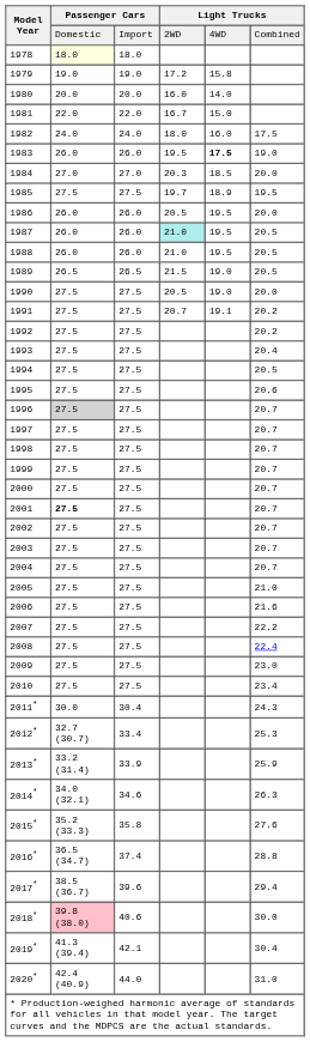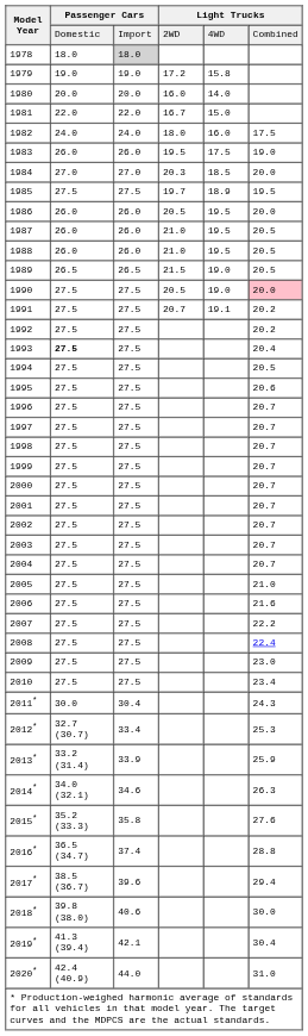 <table border="1" cellspacing="0" cellpadding="5">
 <tr>
 <td style="width:50px; text-align:center; background:#f0f0f0;" rowspan="2"><strong>Model Year</strong></td>
 <td style="width:125px; text-align:center; background:#f0f0f0;" colspan="2"><strong>Passenger Cars</strong></td>
 <td style="width:150px; text-align:center; background:#f0f0f0;" colspan="3"><strong>Light Trucks</strong></td>
 </tr>
 <tr style="background:#f0f0f0;">
 <td style="width:75px; ">Domestic</td>
 <td style="width:50px; ">Import</td>
 <td style="width:50px; ">2WD</td>
 <td style="width:50px; ">4WD</td>
 <td style="width:50px; ">Combined</td>
 </tr>
 <tr>
 <td>1978</td>
-<td style="background: lightyellow;">18.0</td>
 <td>18.0</td>
+<td style="background: lightgrey;">18.0</td>
 <td></td>
 <td></td>
 <td></td>
 </tr>
 <tr>
 <td>1979</td>
 <td>19.0</td>
 <td>19.0</td>
 <td>17.2</td>
 <td>15.8</td>
 <td></td>
 </tr>
 <tr>
 <td>1980</td>
 <td>20.0</td>
 <td>20.0</td>
 <td>16.0</td>
 <td>14.0</td>
 <td></td>
 </tr>
 <tr>
 <td>1981</td>
 <td>22.0</td>
 <td>22.0</td>
 <td>16.7</td>
 <td>15.0</td>
 <td></td>
 </tr>
 <tr>
 <td>1982</td>
 <td>24.0</td>
 <td>24.0</td>
 <td>18.0</td>
 <td>16.0</td>
 <td>17.5</td>
 </tr>
 <tr>
 <td>1983</td>
 <td>26.0</td>
 <td>26.0</td>
 <td>19.5</td>
-<td><strong>17.5</strong></td>
+<td>17.5</td>
 <td>19.0</td>
 </tr>
 <tr>
 <td>1984</td>
 <td>27.0</td>
 <td>27.0</td>
 <td>20.3</td>
 <td>18.5</td>
 <td>20.0</td>
 </tr>
 <tr>
 <td>1985</td>
 <td>27.5</td>
 <td>27.5</td>
 <td>19.7</td>
 <td>18.9</td>
 <td>19.5</td>
 </tr>
 <tr>
 <td>1986</td>
 <td>26.0</td>
 <td>26.0</td>
 <td>20.5</td>
 <td>19.5</td>
 <td>20.0</td>
 </tr>
 <tr>
 <td>1987</td>
 <td>26.0</td>
 <td>26.0</td>
-<td style="background: paleturquoise;">21.0</td>
+<td>21.0</td>
 <td>19.5</td>
 <td>20.5</td>
 </tr>
 <tr>
 <td>1988</td>
 <td>26.0</td>
 <td>26.0</td>
 <td>21.0</td>
 <td>19.5</td>
 <td>20.5</td>
 </tr>
 <tr>
 <td>1989</td>
 <td>26.5</td>
 <td>26.5</td>
 <td>21.5</td>
 <td>19.0</td>
 <td>20.5</td>
 </tr>
 <tr>
 <td>1990</td>
 <td>27.5</td>
 <td>27.5</td>
 <td>20.5</td>
 <td>19.0</td>
-<td>20.0</td>
+<td style="background: pink;">20.0</td>
 </tr>
 <tr>
 <td>1991</td>
 <td>27.5</td>
 <td>27.5</td>
 <td>20.7</td>
 <td>19.1</td>
 <td>20.2</td>
 </tr>
 <tr>
 <td>1992</td>
 <td>27.5</td>
 <td>27.5</td>
 <td></td>
 <td></td>
 <td>20.2</td>
 </tr>
 <tr>
 <td>1993</td>
-<td>27.5</td>
+<td><strong>27.5</strong></td>
 <td>27.5</td>
 <td></td>
 <td></td>
 <td>20.4</td>
 </tr>
 <tr>
 <td>1994</td>
 <td>27.5</td>
 <td>27.5</td>
 <td></td>
 <td></td>
 <td>20.5</td>
 </tr>
 <tr>
 <td>1995</td>
 <td>27.5</td>
 <td>27.5</td>
 <td></td>
 <td></td>
 <td>20.6</td>
 </tr>
 <tr>
 <td>1996</td>
-<td style="background: lightgrey;">27.5</td>
+<td>27.5</td>
 <td>27.5</td>
 <td></td>
 <td></td>
 <td>20.7</td>
 </tr>
 <tr>
 <td>1997</td>
 <td>27.5</td>
 <td>27.5</td>
 <td></td>
 <td></td>
 <td>20.7</td>
 </tr>
 <tr>
 <td>1998</td>
 <td>27.5</td>
 <td>27.5</td>
 <td></td>
 <td></td>
 <td>20.7</td>
 </tr>
 <tr>
 <td>1999</td>
 <td>27.5</td>
 <td>27.5</td>
 <td></td>
 <td></td>
 <td>20.7</td>
 </tr>
 <tr>
 <td>2000</td>
 <td>27.5</td>
 <td>27.5</td>
 <td></td>
 <td></td>
 <td>20.7</td>
 </tr>
 <tr>
 <td>2001</td>
-<td><strong>27.5</strong></td>
+<td>27.5</td>
 <td>27.5</td>
 <td></td>
 <td></td>
 <td>20.7</td>
 </tr>
 <tr>
 <td>2002</td>
 <td>27.5</td>
 <td>27.5</td>
 <td></td>
 <td></td>
 <td>20.7</td>
 </tr>
 <tr>
 <td>2003</td>
 <td>27.5</td>
 <td>27.5</td>
 <td></td>
 <td></td>
 <td>20.7</td>
 </tr>
 <tr>
 <td>2004</td>
 <td>27.5</td>
 <td>27.5</td>
 <td></td>
 <td></td>
 <td>20.7</td>
 </tr>
 <tr>
 <td>2005</td>
 <td>27.5</td>
 <td>27.5</td>
 <td></td>
 <td></td>
 <td>21.0</td>
 </tr>
 <tr>
 <td>2006</td>
 <td>27.5</td>
 <td>27.5</td>
 <td></td>
 <td></td>
 <td>21.6</td>
 </tr>
 <tr>
 <td>2007</td>
 <td>27.5</td>
 <td>27.5</td>
 <td></td>
 <td></td>
 <td>22.2</td>
 </tr>
 <tr>
 <td>2008</td>
 <td>27.5</td>
 <td>27.5</td>
 <td></td>
 <td></td>
 <td><a href='#'>22.4</a></td>
 </tr>
 <tr>
 <td>2009</td>
 <td>27.5</td>
 <td>27.5</td>
 <td></td>
 <td></td>
 <td>23.0</td>
 </tr>
 <tr>
 <td>2010</td>
 <td>27.5</td>
 <td>27.5</td>
 <td></td>
 <td></td>
 <td>23.4</td>
 </tr>
 <tr>
 <td>2011<sup>*</sup></td>
 <td>30.0 </td>
 <td>30.4</td>
 <td></td>
 <td></td>
 <td>24.3</td>
 </tr>
 <tr>
 <td>2012<sup>*</sup></td>
 <td>32.7 (30.7)</td>
 <td>33.4</td>
 <td></td>
 <td></td>
 <td>25.3</td>
 </tr>
 <tr>
 <td>2013<sup>*</sup></td>
 <td>33.2 (31.4)</td>
 <td>33.9</td>
 <td></td>
 <td></td>
 <td>25.9</td>
 </tr>
 <tr>
 <td>2014<sup>*</sup></td>
 <td>34.0 (32.1)</td>
 <td>34.6</td>
 <td></td>
 <td></td>
 <td>26.3</td>
 </tr>
 <tr>
 <td>2015<sup>*</sup></td>
 <td>35.2 (33.3)</td>
 <td>35.8</td>
 <td></td>
 <td></td>
 <td>27.6</td>
 </tr>
 <tr>
 <td>2016<sup>*</sup></td>
 <td>36.5 (34.7)</td>
 <td>37.4</td>
 <td></td>
 <td></td>
 <td>28.8</td>
 </tr>
 <tr>
 <td>2017<sup>*</sup></td>
 <td>38.5 (36.7)</td>
 <td>39.6</td>
 <td></td>
 <td></td>
 <td>29.4</td>
 </tr>
 <tr>
 <td>2018<sup>*</sup></td>
-<td style="background: pink;">39.8 (38.0)</td>
+<td>39.8 (38.0)</td>
 <td>40.6</td>
 <td></td>
 <td></td>
 <td>30.0</td>
 </tr>
 <tr>
 <td>2019<sup>*</sup></td>
 <td>41.3 (39.4)</td>
 <td>42.1</td>
 <td></td>
 <td></td>
 <td>30.4</td>
 </tr>
 <tr>
 <td>2020<sup>*</sup></td>
 <td>42.4 (40.9)</td>
 <td>44.0</td>
 <td></td>
 <td></td>
 <td>31.0</td>
 </tr>
 <tr>
 <td colspan="6">* Production-weighed harmonic average of standards for all vehicles in that model year. The target curves and the MDPCS are the actual standards.</td>
 </tr>
 </table>
